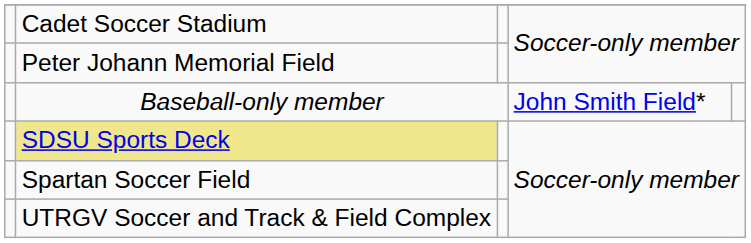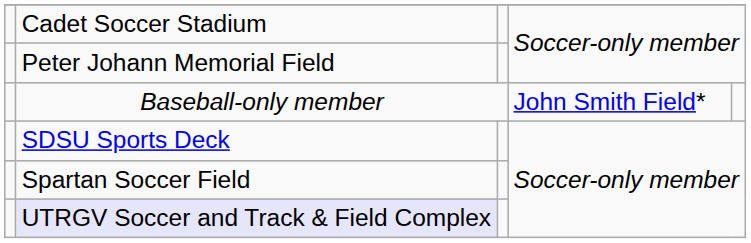 <table class="wikitable sortable">
 <tr>
 </tr>
 <tr>
 </tr>
 <tr>
 <td style="text-align:center; "><a href='#'></a></td>
 <td>Cadet Soccer Stadium</td>
 <td></td>
 <td colspan=2 rowspan=2 style="text-align:center;"><em>Soccer-only member</em></td>
 </tr>
 <tr>
 <td style="text-align:center; "><a href='#'></a></td>
 <td>Peter Johann Memorial Field</td>
 <td></td>
 </tr>
 <tr>
 <td style="text-align:center; "><a href='#'></a></td>
 <td colspan=2 style="text-align:center;"><em>Baseball-only member</em></td>
 <td><a href='#'>John Smith Field</a>*</td>
 <td></td>
 </tr>
 <tr>
 <td style="text-align:center; "><a href='#'></a></td>
-<td style="background: khaki;"><a href='#'>SDSU Sports Deck</a></td>
+<td><a href='#'>SDSU Sports Deck</a></td>
 <td></td>
 <td colspan=2 rowspan=3 style="text-align:center;"><em>Soccer-only member</em></td>
 </tr>
 <tr>
 <td style="text-align:center; "><a href='#'></a></td>
 <td>Spartan Soccer Field</td>
 <td></td>
 </tr>
 <tr>
 <td style="text-align:center; "><a href='#'></a></td>
-<td>UTRGV Soccer and Track & Field Complex</td>
+<td style="background: lavender;">UTRGV Soccer and Track & Field Complex</td>
 <td></td>
 </tr>
 </table>
